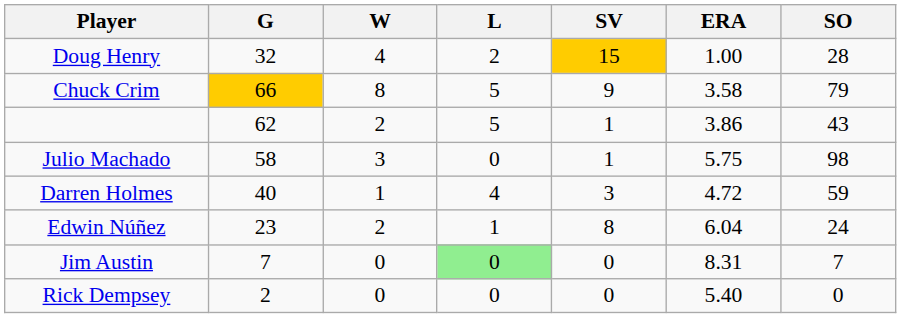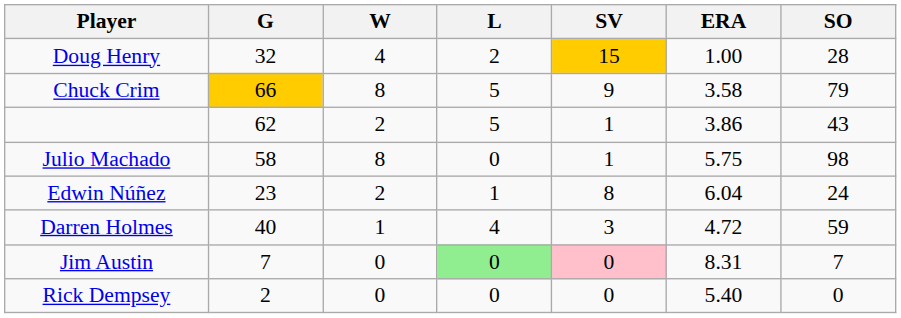 <table class="wikitable sortable">
 <tr>
 <th bgcolor="#DDDDFF" width="16%">Player</th>
 <th bgcolor="#DDDDFF" width="9%">G</th>
 <th bgcolor="#DDDDFF" width="9%">W</th>
 <th bgcolor="#DDDDFF" width="9%">L</th>
 <th bgcolor="#DDDDFF" width="9%">SV</th>
 <th bgcolor="#DDDDFF" width="9%">ERA</th>
 <th bgcolor="#DDDDFF" width="9%">SO</th>
 </tr>
 <tr align="center">
 <td><a href='#'>Doug Henry</a></td>
 <td>32</td>
 <td>4</td>
 <td>2</td>
 <td style="background:#fc0;">15</td>
 <td>1.00</td>
 <td>28</td>
 </tr>
 <tr align=center>
 <td><a href='#'>Chuck Crim</a></td>
 <td style="background:#fc0;">66</td>
 <td>8</td>
 <td>5</td>
 <td>9</td>
 <td>3.58</td>
 <td>79</td>
 </tr>
 <tr align="center">
 <td></td>
 <td>62</td>
 <td>2</td>
 <td>5</td>
 <td>1</td>
 <td>3.86</td>
 <td>43</td>
 </tr>
 <tr align="center">
 <td><a href='#'>Julio Machado</a></td>
 <td>58</td>
-<td>3</td>
+<td>8</td>
 <td>0</td>
 <td>1</td>
 <td>5.75</td>
 <td>98</td>
+</tr>
+<tr align="center">
+<td><a href='#'>Edwin Núñez</a></td>
+<td>23</td>
+<td>2</td>
+<td>1</td>
+<td>8</td>
+<td>6.04</td>
+<td>24</td>
 </tr>
 <tr align="center">
 <td><a href='#'>Darren Holmes</a></td>
 <td>40</td>
 <td>1</td>
 <td>4</td>
 <td>3</td>
 <td>4.72</td>
 <td>59</td>
 </tr>
 <tr align="center">
-<td><a href='#'>Edwin Núñez</a></td>
-<td>23</td>
-<td>2</td>
-<td>1</td>
-<td>8</td>
-<td>6.04</td>
-<td>24</td>
-</tr>
-<tr align="center">
 <td><a href='#'>Jim Austin</a></td>
 <td>7</td>
 <td>0</td>
 <td style="background: lightgreen;">0</td>
-<td>0</td>
+<td style="background: pink;">0</td>
 <td>8.31</td>
 <td>7</td>
 </tr>
 <tr align="center">
 <td><a href='#'>Rick Dempsey</a></td>
 <td>2</td>
 <td>0</td>
 <td>0</td>
 <td>0</td>
 <td>5.40</td>
 <td>0</td>
 </tr>
 </table>
